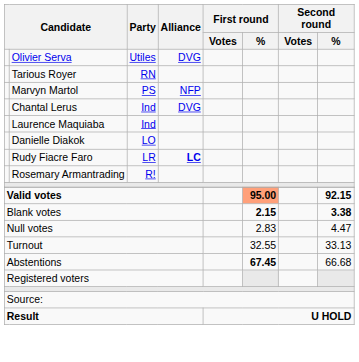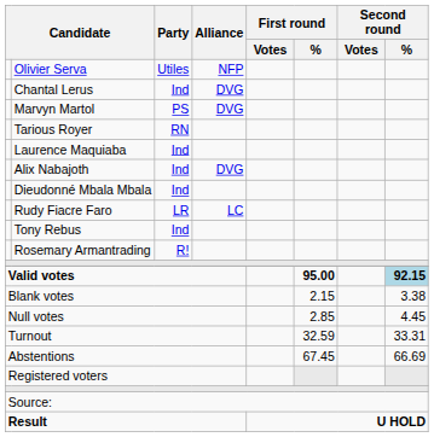 <table class="wikitable" style="text-align:right;font-size:95%;">
 <tr>
 <th colspan="2" rowspan="2">Candidate</th>
 <th colspan="1" rowspan="2">Party</th>
 <th colspan="1" rowspan="2">Alliance</th>
 <th colspan="2">First round</th>
 <th colspan="2">Second round</th>
 </tr>
 <tr>
 <th style="width:50px;">Votes</th>
 <th style="width:45px;">%</th>
 <th style="width:50px;">Votes</th>
 <th style="width:45px;">%</th>
 </tr>
 <tr>
 <td style="color:inherit;background:"></td>
 <td style="text-align:left;"><a href='#'>Olivier Serva</a></td>
 <td><a href='#'>Utiles</a></td>
-<td><a href='#'>DVG</a></td>
+<td><a href='#'>NFP</a></td>
 <td></td>
 <td></td>
 <td><strong></strong></td>
 <td><strong></strong></td>
 </tr>
 <tr>
 <td style="color:inherit;background:"></td>
-<td style="text-align:left;">Tarious Royer</td>
-<td><a href='#'>RN</a></td>
-<td></td>
+<td style="text-align:left;">Chantal Lerus</td>
+<td><a href='#'>Ind</a></td>
+<td><a href='#'>DVG</a></td>
 <td></td>
 <td></td>
 <td></td>
 <td></td>
 </tr>
 <tr>
 <td style="color:inherit;background:"></td>
 <td style="text-align:left;">Marvyn Martol</td>
 <td><a href='#'>PS</a></td>
-<td><a href='#'>NFP</a></td>
+<td><a href='#'>DVG</a></td>
 <td></td>
 <td></td>
 <td></td>
 <td></td>
 </tr>
 <tr>
 <td style="color:inherit;background:"></td>
-<td style="text-align:left;">Chantal Lerus</td>
-<td><a href='#'>Ind</a></td>
-<td><a href='#'>DVG</a></td>
+<td style="text-align:left;">Tarious Royer</td>
+<td><a href='#'>RN</a></td>
+<td></td>
 <td></td>
 <td></td>
 <td></td>
 <td></td>
 </tr>
 <tr>
 <td style="color:inherit;background:"></td>
 <td style="text-align:left;">Laurence Maquiaba</td>
 <td><a href='#'>Ind</a></td>
 <td></td>
 <td></td>
 <td></td>
 <td></td>
 <td></td>
 </tr>
 <tr>
 <td style="color:inherit;background:"></td>
-<td style="text-align:left;">Danielle Diakok</td>
-<td><a href='#'>LO</a></td>
+<td style="text-align:left;">Alix Nabajoth</td>
+<td><a href='#'>Ind</a></td>
+<td><a href='#'>DVG</a></td>
+<td></td>
+<td></td>
+<td></td>
+<td></td>
+</tr>
+<tr>
+<td style="color:inherit;background:"></td>
+<td style="text-align:left;">Dieudonné Mbala Mbala</td>
+<td><a href='#'>Ind</a></td>
 <td></td>
 <td></td>
 <td></td>
 <td></td>
 <td></td>
 </tr>
 <tr>
 <td style="color:inherit;background:"></td>
 <td style="text-align:left;">Rudy Fiacre Faro</td>
 <td><a href='#'>LR</a></td>
-<td><strong><a href='#'>LC</a></strong></td>
+<td><a href='#'>LC</a></td>
+<td></td>
+<td></td>
+<td></td>
+<td></td>
+</tr>
+<tr>
+<td style="color:inherit;background:"></td>
+<td style="text-align:left;">Tony Rebus</td>
+<td><a href='#'>Ind</a></td>
+<td></td>
 <td></td>
 <td></td>
 <td></td>
 <td></td>
 </tr>
 <tr>
 <td style="color:inherit;background:"></td>
 <td style="text-align:left;">Rosemary Armantrading</td>
 <td><a href='#'>R!</a></td>
 <td></td>
 <td></td>
 <td></td>
 <td></td>
 <td></td>
 </tr>
 <tr>
 <td colspan="8" style="background:#E9E9E9;"></td>
 </tr>
 <tr>
 </tr>
 <tr style="font-weight:bold;">
 <td colspan="4" style="text-align:left;">Valid votes</td>
 <td></td>
-<td style="background: lightsalmon;">95.00</td>
+<td>95.00</td>
 <td></td>
-<td>92.15</td>
+<td style="background: lightblue;">92.15</td>
 </tr>
 <tr>
 <td colspan="4" style="text-align:left;">Blank votes</td>
 <td></td>
-<td><strong>2.15</strong></td>
+<td>2.15</td>
 <td></td>
-<td><strong>3.38</strong></td>
+<td>3.38</td>
 </tr>
 <tr>
 <td colspan="4" style="text-align:left;">Null votes</td>
 <td></td>
-<td>2.83</td>
+<td>2.85</td>
 <td></td>
-<td>4.47</td>
+<td>4.45</td>
 </tr>
 <tr>
 <td colspan="4" style="text-align:left;">Turnout</td>
 <td></td>
-<td>32.55</td>
+<td>32.59</td>
 <td></td>
-<td>33.13</td>
+<td>33.31</td>
 </tr>
 <tr>
 <td colspan="4" style="text-align:left;">Abstentions</td>
 <td></td>
-<td><strong>67.45</strong></td>
+<td>67.45</td>
 <td></td>
-<td>66.68</td>
+<td>66.69</td>
 </tr>
 <tr>
 <td colspan="4" style="text-align:left;">Registered voters</td>
 <td></td>
 <td style="background:#E9E9E9;"></td>
 <td></td>
 <td style="background:#E9E9E9;"></td>
 </tr>
 <tr>
 <td colspan="8" style="background:#E9E9E9;"></td>
 </tr>
 <tr>
 <td colspan="8" style="text-align:left;">Source: </td>
 </tr>
 <tr style="font-weight:bold">
 <td colspan="4" style="text-align:left;">Result</td>
 <td colspan="4" style="background-color:">U HOLD</td>
 </tr>
 </table>
